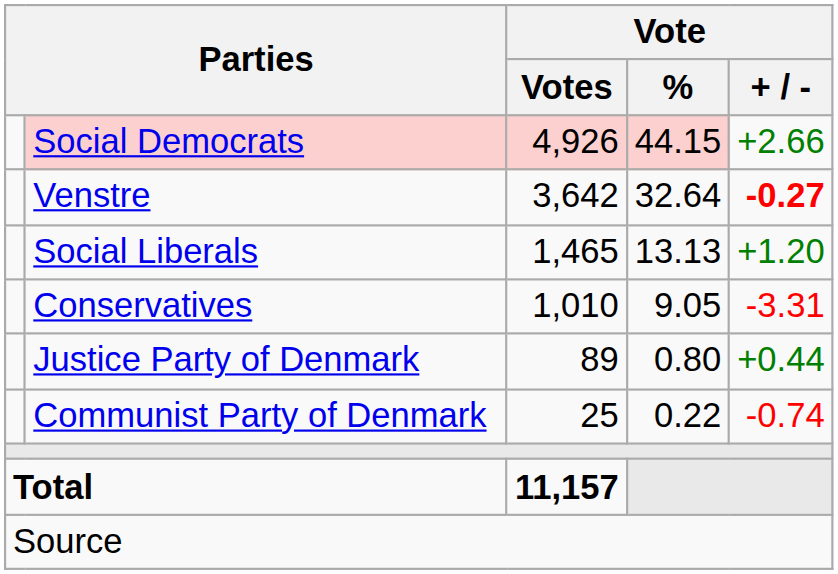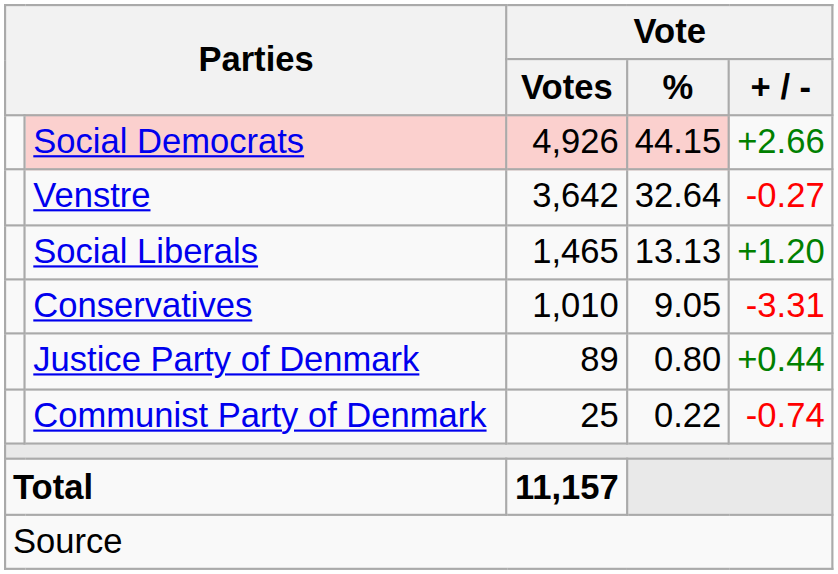 <table class="wikitable" style="text-align:right;">
 <tr>
 <th style="text-align:centre;" rowspan="2" colspan="2" width="225">Parties</th>
 <th colspan="3">Vote</th>
 </tr>
 <tr>
 <th width="15">Votes</th>
 <th width="15">%</th>
 <th width="15">+ / -</th>
 </tr>
 <tr>
 <td width="2" style="color:inherit;background:"></td>
 <td bgcolor=#fbd0ce  align="left"><a href='#'>Social Democrats</a></td>
 <td bgcolor=#fbd0ce>4,926</td>
 <td bgcolor=#fbd0ce>44.15</td>
 <td style=color:green;>+2.66</td>
 </tr>
 <tr>
 <td width="2" style="color:inherit;background:"></td>
 <td align="left"><a href='#'>Venstre</a></td>
 <td>3,642</td>
 <td>32.64</td>
-<td style=color:red;><strong>-0.27</strong></td>
+<td style=color:red;>-0.27</td>
 </tr>
 <tr>
 <td width="2" style="color:inherit;background:"></td>
 <td align="left"><a href='#'>Social Liberals</a></td>
 <td>1,465</td>
 <td>13.13</td>
 <td style=color:green;>+1.20</td>
 </tr>
 <tr>
 <td width="2" style="color:inherit;background:"></td>
 <td align="left"><a href='#'>Conservatives</a></td>
 <td>1,010</td>
 <td>9.05</td>
 <td style=color:red;>-3.31</td>
 </tr>
 <tr>
 <td width="2" style="color:inherit;background:"></td>
 <td align="left"><a href='#'>Justice Party of Denmark</a></td>
 <td>89</td>
 <td>0.80</td>
 <td style=color:green;>+0.44</td>
 </tr>
 <tr>
 <td width="2" style="color:inherit;background:"></td>
 <td align="left"><a href='#'>Communist Party of Denmark</a></td>
 <td>25</td>
 <td>0.22</td>
 <td style=color:red;>-0.74</td>
 </tr>
 <tr>
 <td colspan="7" bgcolor="#E9E9E9"></td>
 </tr>
 <tr>
 <td align="left" colspan="2"><strong>Total</strong></td>
 <td><strong>11,157</strong></td>
 <td bgcolor="#E9E9E9" colspan="2"></td>
 </tr>
 <tr>
 <td align="left" colspan="6">Source</td>
 </tr>
 </table>
